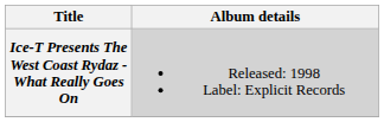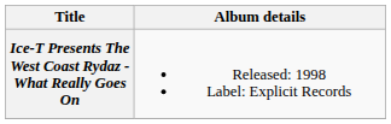 <table class="wikitable plainrowheaders" style="text-align:center;" border="1">
 <tr>
 <th scope="col" style="width:8em;">Title</th>
 <th scope="col" style="width:16em;">Album details</th>
 </tr>
 <tr>
 <th scope="row"><em>Ice-T Presents The West Coast Rydaz - What Really Goes On </em></th>
-<td style="background: lightgrey;"><br><ul><li>Released: 1998</li><li>Label: Explicit Records</li></ul></td>
+<td><br><ul><li>Released: 1998</li><li>Label: Explicit Records</li></ul></td>
 </tr>
 <tr>
 </tr>
 </table>
